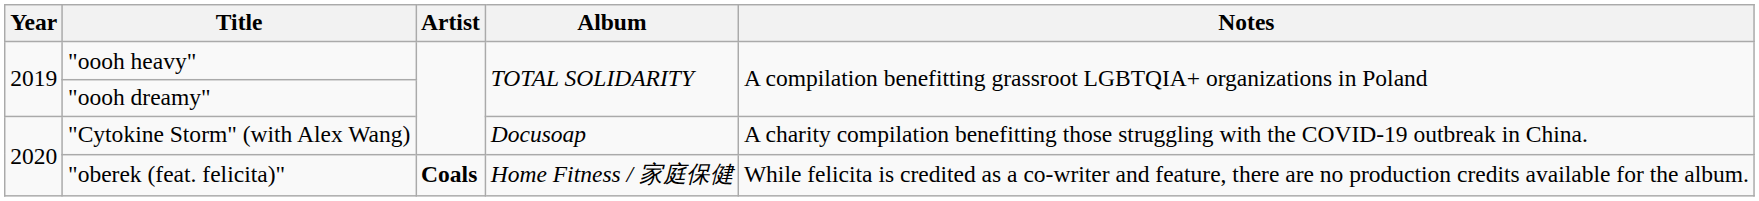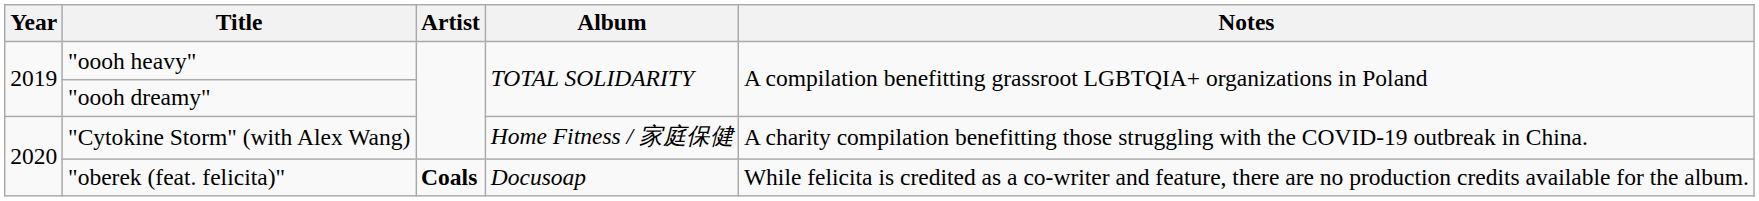 <table class="wikitable">
 <tr>
 <th>Year</th>
 <th>Title</th>
 <th>Artist</th>
 <th>Album</th>
 <th>Notes</th>
 </tr>
 <tr>
 <td rowspan="2">2019</td>
 <td>"oooh heavy"</td>
 <td rowspan="3"></td>
 <td rowspan="2"><em>TOTAL SOLIDARITY</em></td>
 <td rowspan="2">A compilation benefitting grassroot LGBTQIA+ organizations in Poland</td>
 </tr>
 <tr>
 <td>"oooh dreamy"</td>
 </tr>
 <tr>
 <td rowspan="2">2020</td>
 <td>"Cytokine Storm" (with Alex Wang)</td>
-<td><em>Docusoap</em></td>
+<td><em>Home Fitness / 家庭保健</em></td>
 <td>A charity compilation benefitting those struggling with the COVID-19 outbreak in China.</td>
 </tr>
 <tr>
 <td>"oberek (feat. felicita)"</td>
 <td><strong>Coals</strong></td>
-<td><em>Home Fitness / 家庭保健</em></td>
+<td><em>Docusoap</em></td>
 <td>While felicita is credited as a co-writer and feature, there are no production credits available for the album.</td>
 </tr>
 </table>
